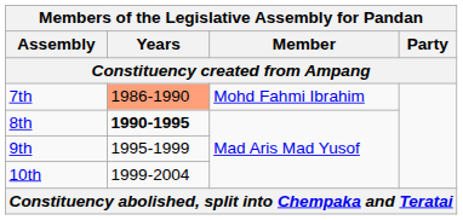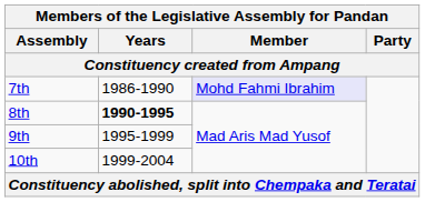 <table class=wikitable>
 <tr>
 <th colspan=4>Members of the Legislative Assembly for Pandan</th>
 </tr>
 <tr>
 <th>Assembly</th>
 <th>Years</th>
 <th>Member</th>
 <th>Party</th>
 </tr>
 <tr>
 <th colspan=4 align=center><em>Constituency created from Ampang</em></th>
 </tr>
 <tr>
 <td><a href='#'>7th</a></td>
-<td style="background: lightsalmon;">1986-1990</td>
-<td><a href='#'>Mohd Fahmi Ibrahim</a></td>
+<td>1986-1990</td>
+<td style="background: lavender;"><a href='#'>Mohd Fahmi Ibrahim</a></td>
 <td rowspan=4 bgcolor=></td>
 </tr>
 <tr>
 <td><a href='#'>8th</a></td>
 <td><strong>1990-1995</strong></td>
 <td rowspan=3><a href='#'>Mad Aris Mad Yusof</a></td>
 </tr>
 <tr>
 <td><a href='#'>9th</a></td>
 <td>1995-1999</td>
 </tr>
 <tr>
 <td><a href='#'>10th</a></td>
 <td>1999-2004</td>
 </tr>
 <tr>
 <th colspan=4 align=center><em>Constituency abolished, split into <a href='#'>Chempaka</a> and <a href='#'>Teratai</a></em></th>
 </tr>
 </table>
